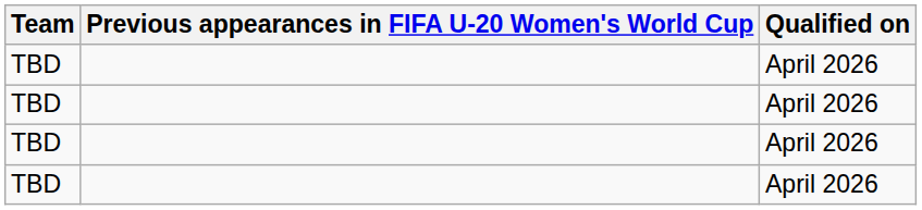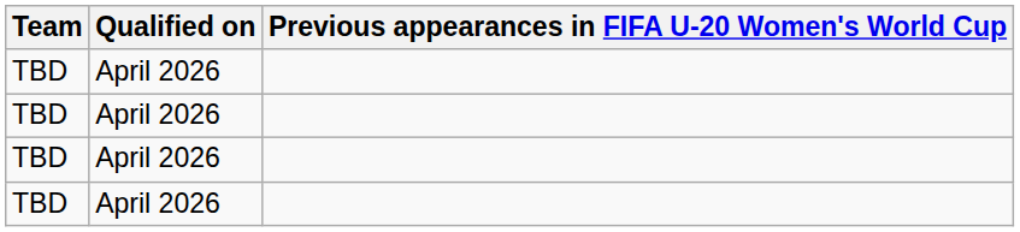 <table class="wikitable sortable">
 <tr>
 <th>Team</th>
+<th>Qualified on</th>
 <th data-sort-type="number">Previous appearances in <a href='#'>FIFA U-20 Women's World Cup</a></th>
-<th>Qualified on</th>
 </tr>
 <tr>
 <td>TBD</td>
+<td>April 2026</td>
 <td></td>
-<td>April 2026</td>
 </tr>
 <tr>
 <td>TBD</td>
+<td>April 2026</td>
 <td></td>
-<td>April 2026</td>
 </tr>
 <tr>
 <td>TBD</td>
+<td>April 2026</td>
 <td></td>
-<td>April 2026</td>
 </tr>
 <tr>
 <td>TBD</td>
+<td>April 2026</td>
 <td></td>
-<td>April 2026</td>
 </tr>
 </table>
